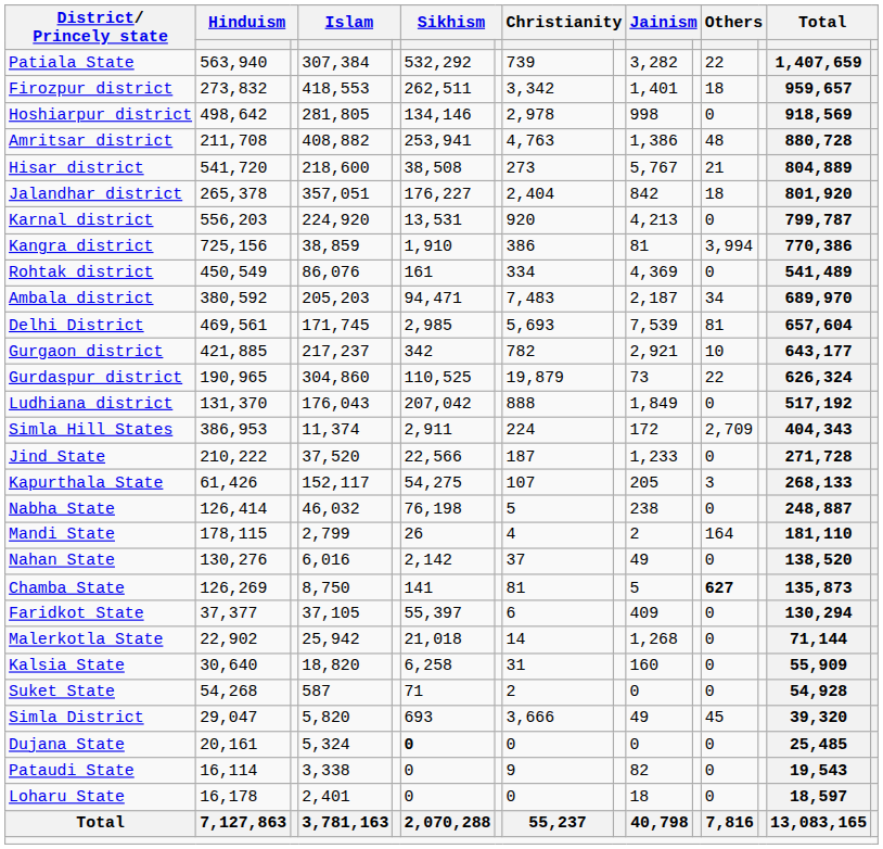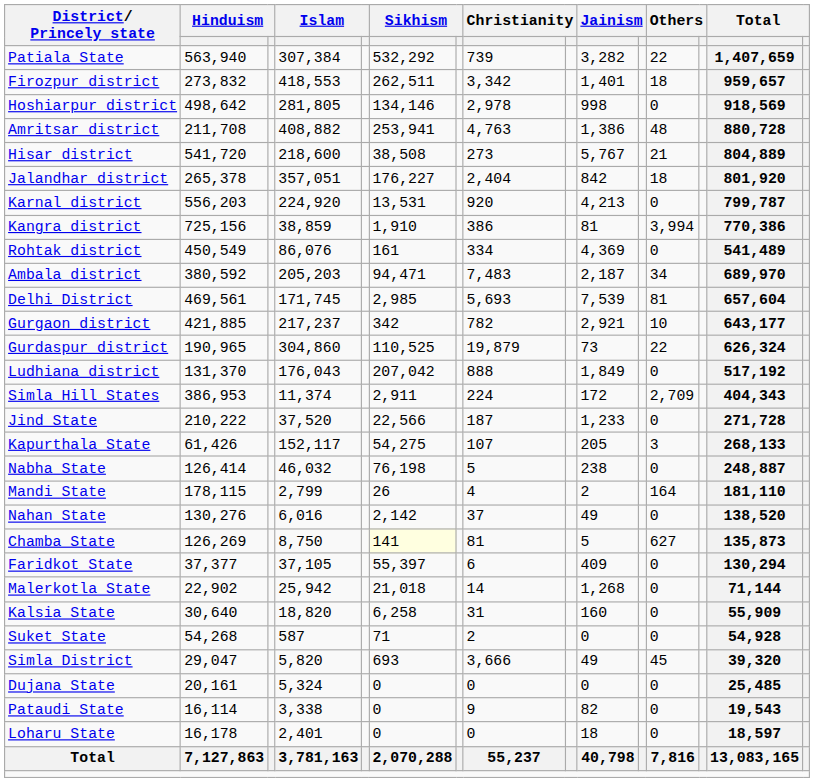 <table class="wikitable sortable">
 <tr>
 <th rowspan="2"><a href='#'>District</a>/<br><a href='#'>Princely state</a></th>
 <th colspan="2"><a href='#'>Hinduism</a> </th>
 <th colspan="2"><a href='#'>Islam</a> </th>
 <th colspan="2"><a href='#'>Sikhism</a> </th>
 <th colspan="2">Christianity </th>
 <th colspan="2"><a href='#'>Jainism</a> </th>
 <th colspan="2">Others</th>
 <th colspan="2">Total</th>
 </tr>
 <tr>
 <th><a href='#'></a></th>
 <th></th>
 <th></th>
 <th></th>
 <th></th>
 <th></th>
 <th></th>
 <th></th>
 <th></th>
 <th></th>
 <th></th>
 <th></th>
 <th></th>
 <th></th>
 </tr>
 <tr>
 <td><a href='#'>Patiala State</a></td>
 <td>563,940</td>
 <td></td>
 <td>307,384</td>
 <td></td>
 <td>532,292</td>
 <td></td>
 <td>739</td>
 <td></td>
 <td>3,282</td>
 <td></td>
 <td>22</td>
 <td></td>
 <th>1,407,659</th>
 <th></th>
 </tr>
 <tr>
 <td><a href='#'>Firozpur district</a></td>
 <td>273,832</td>
 <td></td>
 <td>418,553</td>
 <td></td>
 <td>262,511</td>
 <td></td>
 <td>3,342</td>
 <td></td>
 <td>1,401</td>
 <td></td>
 <td>18</td>
 <td></td>
 <th>959,657</th>
 <th></th>
 </tr>
 <tr>
 <td><a href='#'>Hoshiarpur district</a></td>
 <td>498,642</td>
 <td></td>
 <td>281,805</td>
 <td></td>
 <td>134,146</td>
 <td></td>
 <td>2,978</td>
 <td></td>
 <td>998</td>
 <td></td>
 <td>0</td>
 <td></td>
 <th>918,569</th>
 <th></th>
 </tr>
 <tr>
 <td><a href='#'>Amritsar district</a></td>
 <td>211,708</td>
 <td></td>
 <td>408,882</td>
 <td></td>
 <td>253,941</td>
 <td></td>
 <td>4,763</td>
 <td></td>
 <td>1,386</td>
 <td></td>
 <td>48</td>
 <td></td>
 <th>880,728</th>
 <th></th>
 </tr>
 <tr>
 <td><a href='#'>Hisar district</a></td>
 <td>541,720</td>
 <td></td>
 <td>218,600</td>
 <td></td>
 <td>38,508</td>
 <td></td>
 <td>273</td>
 <td></td>
 <td>5,767</td>
 <td></td>
 <td>21</td>
 <td></td>
 <th>804,889</th>
 <th></th>
 </tr>
 <tr>
 <td><a href='#'>Jalandhar district</a></td>
 <td>265,378</td>
 <td></td>
 <td>357,051</td>
 <td></td>
 <td>176,227</td>
 <td></td>
 <td>2,404</td>
 <td></td>
 <td>842</td>
 <td></td>
 <td>18</td>
 <td></td>
 <th>801,920</th>
 <th></th>
 </tr>
 <tr>
 <td><a href='#'>Karnal district</a></td>
 <td>556,203</td>
 <td></td>
 <td>224,920</td>
 <td></td>
 <td>13,531</td>
 <td></td>
 <td>920</td>
 <td></td>
 <td>4,213</td>
 <td></td>
 <td>0</td>
 <td></td>
 <th>799,787</th>
 <th></th>
 </tr>
 <tr>
 <td><a href='#'>Kangra district</a></td>
 <td>725,156</td>
 <td></td>
 <td>38,859</td>
 <td></td>
 <td>1,910</td>
 <td></td>
 <td>386</td>
 <td></td>
 <td>81</td>
 <td></td>
 <td>3,994</td>
 <td></td>
 <th>770,386</th>
 <th></th>
 </tr>
 <tr>
 <td><a href='#'>Rohtak district</a></td>
 <td>450,549</td>
 <td></td>
 <td>86,076</td>
 <td></td>
 <td>161</td>
 <td></td>
 <td>334</td>
 <td></td>
 <td>4,369</td>
 <td></td>
 <td>0</td>
 <td></td>
 <th>541,489</th>
 <th></th>
 </tr>
 <tr>
 <td><a href='#'>Ambala district</a></td>
 <td>380,592</td>
 <td></td>
 <td>205,203</td>
 <td></td>
 <td>94,471</td>
 <td></td>
 <td>7,483</td>
 <td></td>
 <td>2,187</td>
 <td></td>
 <td>34</td>
 <td></td>
 <th>689,970</th>
 <th></th>
 </tr>
 <tr>
 <td><a href='#'>Delhi District</a></td>
 <td>469,561</td>
 <td></td>
 <td>171,745</td>
 <td></td>
 <td>2,985</td>
 <td></td>
 <td>5,693</td>
 <td></td>
 <td>7,539</td>
 <td></td>
 <td>81</td>
 <td></td>
 <th>657,604</th>
 <th></th>
 </tr>
 <tr>
 <td><a href='#'>Gurgaon district</a></td>
 <td>421,885</td>
 <td></td>
 <td>217,237</td>
 <td></td>
 <td>342</td>
 <td></td>
 <td>782</td>
 <td></td>
 <td>2,921</td>
 <td></td>
 <td>10</td>
 <td></td>
 <th>643,177</th>
 <th></th>
 </tr>
 <tr>
 <td><a href='#'>Gurdaspur district</a></td>
 <td>190,965</td>
 <td></td>
 <td>304,860</td>
 <td></td>
 <td>110,525</td>
 <td></td>
 <td>19,879</td>
 <td></td>
 <td>73</td>
 <td></td>
 <td>22</td>
 <td></td>
 <th>626,324</th>
 <th></th>
 </tr>
 <tr>
 <td><a href='#'>Ludhiana district</a></td>
 <td>131,370</td>
 <td></td>
 <td>176,043</td>
 <td></td>
 <td>207,042</td>
 <td></td>
 <td>888</td>
 <td></td>
 <td>1,849</td>
 <td></td>
 <td>0</td>
 <td></td>
 <th>517,192</th>
 <th></th>
 </tr>
 <tr>
 <td><a href='#'>Simla Hill States</a></td>
 <td>386,953</td>
 <td></td>
 <td>11,374</td>
 <td></td>
 <td>2,911</td>
 <td></td>
 <td>224</td>
 <td></td>
 <td>172</td>
 <td></td>
 <td>2,709</td>
 <td></td>
 <th>404,343</th>
 <th></th>
 </tr>
 <tr>
 <td><a href='#'>Jind State</a></td>
 <td>210,222</td>
 <td></td>
 <td>37,520</td>
 <td></td>
 <td>22,566</td>
 <td></td>
 <td>187</td>
 <td></td>
 <td>1,233</td>
 <td></td>
 <td>0</td>
 <td></td>
 <th>271,728</th>
 <th></th>
 </tr>
 <tr>
 <td><a href='#'>Kapurthala State</a></td>
 <td>61,426</td>
 <td></td>
 <td>152,117</td>
 <td></td>
 <td>54,275</td>
 <td></td>
 <td>107</td>
 <td></td>
 <td>205</td>
 <td></td>
 <td>3</td>
 <td></td>
 <th>268,133</th>
 <th></th>
 </tr>
 <tr>
 <td><a href='#'>Nabha State</a></td>
 <td>126,414</td>
 <td></td>
 <td>46,032</td>
 <td></td>
 <td>76,198</td>
 <td></td>
 <td>5</td>
 <td></td>
 <td>238</td>
 <td></td>
 <td>0</td>
 <td></td>
 <th>248,887</th>
 <th></th>
 </tr>
 <tr>
 <td><a href='#'>Mandi State</a></td>
 <td>178,115</td>
 <td></td>
 <td>2,799</td>
 <td></td>
 <td>26</td>
 <td></td>
 <td>4</td>
 <td></td>
 <td>2</td>
 <td></td>
 <td>164</td>
 <td></td>
 <th>181,110</th>
 <th></th>
 </tr>
 <tr>
 <td><a href='#'>Nahan State</a></td>
 <td>130,276</td>
 <td></td>
 <td>6,016</td>
 <td></td>
 <td>2,142</td>
 <td></td>
 <td>37</td>
 <td></td>
 <td>49</td>
 <td></td>
 <td>0</td>
 <td></td>
 <th>138,520</th>
 <th></th>
 </tr>
 <tr>
 <td><a href='#'>Chamba State</a></td>
 <td>126,269</td>
 <td></td>
 <td>8,750</td>
 <td></td>
-<td>141</td>
+<td style="background: lightyellow;">141</td>
 <td></td>
 <td>81</td>
 <td></td>
 <td>5</td>
 <td></td>
-<td><strong>627</strong></td>
+<td>627</td>
 <td></td>
 <th>135,873</th>
 <th></th>
 </tr>
 <tr>
 <td><a href='#'>Faridkot State</a></td>
 <td>37,377</td>
 <td></td>
 <td>37,105</td>
 <td></td>
 <td>55,397</td>
 <td></td>
 <td>6</td>
 <td></td>
 <td>409</td>
 <td></td>
 <td>0</td>
 <td></td>
 <th>130,294</th>
 <th></th>
 </tr>
 <tr>
 <td><a href='#'>Malerkotla State</a></td>
 <td>22,902</td>
 <td></td>
 <td>25,942</td>
 <td></td>
 <td>21,018</td>
 <td></td>
 <td>14</td>
 <td></td>
 <td>1,268</td>
 <td></td>
 <td>0</td>
 <td></td>
 <th>71,144</th>
 <th></th>
 </tr>
 <tr>
 <td><a href='#'>Kalsia State</a></td>
 <td>30,640</td>
 <td></td>
 <td>18,820</td>
 <td></td>
 <td>6,258</td>
 <td></td>
 <td>31</td>
 <td></td>
 <td>160</td>
 <td></td>
 <td>0</td>
 <td></td>
 <th>55,909</th>
 <th></th>
 </tr>
 <tr>
 <td><a href='#'>Suket State</a></td>
 <td>54,268</td>
 <td></td>
 <td>587</td>
 <td></td>
 <td>71</td>
 <td></td>
 <td>2</td>
 <td></td>
 <td>0</td>
 <td></td>
 <td>0</td>
 <td></td>
 <th>54,928</th>
 <th></th>
 </tr>
 <tr>
 <td><a href='#'>Simla District</a></td>
 <td>29,047</td>
 <td></td>
 <td>5,820</td>
 <td></td>
 <td>693</td>
 <td></td>
 <td>3,666</td>
 <td></td>
 <td>49</td>
 <td></td>
 <td>45</td>
 <td></td>
 <th>39,320</th>
 <th></th>
 </tr>
 <tr>
 <td><a href='#'>Dujana State</a></td>
 <td>20,161</td>
 <td></td>
 <td>5,324</td>
 <td></td>
-<td><strong>0</strong></td>
+<td>0</td>
 <td></td>
 <td>0</td>
 <td></td>
 <td>0</td>
 <td></td>
 <td>0</td>
 <td></td>
 <th>25,485</th>
 <th></th>
 </tr>
 <tr>
 <td><a href='#'>Pataudi State</a></td>
 <td>16,114</td>
 <td></td>
 <td>3,338</td>
 <td></td>
 <td>0</td>
 <td></td>
 <td>9</td>
 <td></td>
 <td>82</td>
 <td></td>
 <td>0</td>
 <td></td>
 <th>19,543</th>
 <th></th>
 </tr>
 <tr>
 <td><a href='#'>Loharu State</a></td>
 <td>16,178</td>
 <td></td>
 <td>2,401</td>
 <td></td>
 <td>0</td>
 <td></td>
 <td>0</td>
 <td></td>
 <td>18</td>
 <td></td>
 <td>0</td>
 <td></td>
 <th>18,597</th>
 <th></th>
 </tr>
 <tr>
 <th>Total</th>
 <th>7,127,863</th>
 <th></th>
 <th>3,781,163</th>
 <th></th>
 <th>2,070,288</th>
 <th></th>
 <th>55,237</th>
 <th></th>
 <th>40,798</th>
 <th></th>
 <th>7,816</th>
 <th></th>
 <th>13,083,165</th>
 <th></th>
 </tr>
 <tr class="sortbottom">
 <td colspan="15"></td>
 </tr>
 </table>
